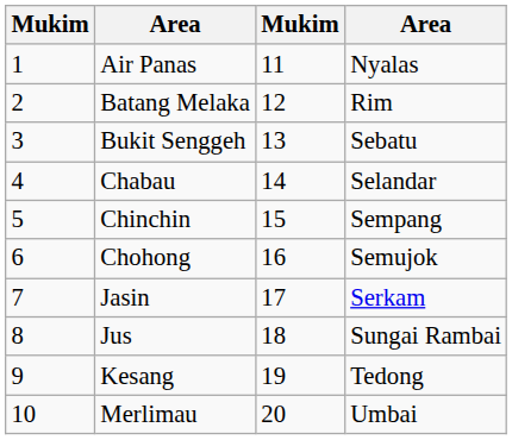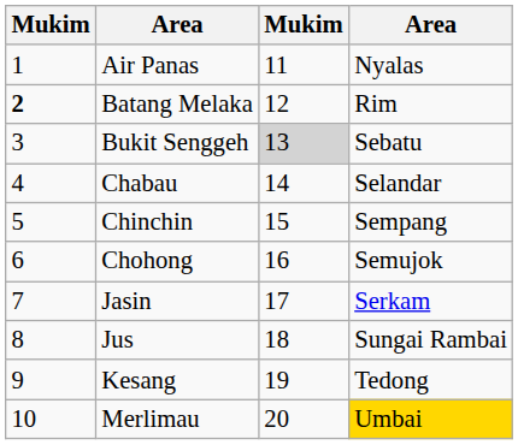 <table class="wikitable">
 <tr>
 <th>Mukim</th>
 <th>Area</th>
 <th>Mukim</th>
 <th>Area</th>
 </tr>
 <tr>
 <td>1</td>
 <td>Air Panas</td>
 <td>11</td>
 <td>Nyalas</td>
 </tr>
 <tr>
-<td>2</td>
+<td><strong>2</strong></td>
 <td>Batang Melaka</td>
 <td>12</td>
 <td>Rim</td>
 </tr>
 <tr>
 <td>3</td>
 <td>Bukit Senggeh</td>
-<td>13</td>
+<td style="background: lightgrey;">13</td>
 <td>Sebatu</td>
 </tr>
 <tr>
 <td>4</td>
 <td>Chabau</td>
 <td>14</td>
 <td>Selandar</td>
 </tr>
 <tr>
 <td>5</td>
 <td>Chinchin</td>
 <td>15</td>
 <td>Sempang</td>
 </tr>
 <tr>
 <td>6</td>
 <td>Chohong</td>
 <td>16</td>
 <td>Semujok</td>
 </tr>
 <tr>
 <td>7</td>
 <td>Jasin</td>
 <td>17</td>
 <td><a href='#'>Serkam</a></td>
 </tr>
 <tr>
 <td>8</td>
 <td>Jus</td>
 <td>18</td>
 <td>Sungai Rambai</td>
 </tr>
 <tr>
 <td>9</td>
 <td>Kesang</td>
 <td>19</td>
 <td>Tedong</td>
 </tr>
 <tr>
 <td>10</td>
 <td>Merlimau</td>
 <td>20</td>
-<td>Umbai</td>
+<td style="background: gold;">Umbai</td>
 </tr>
 </table>
